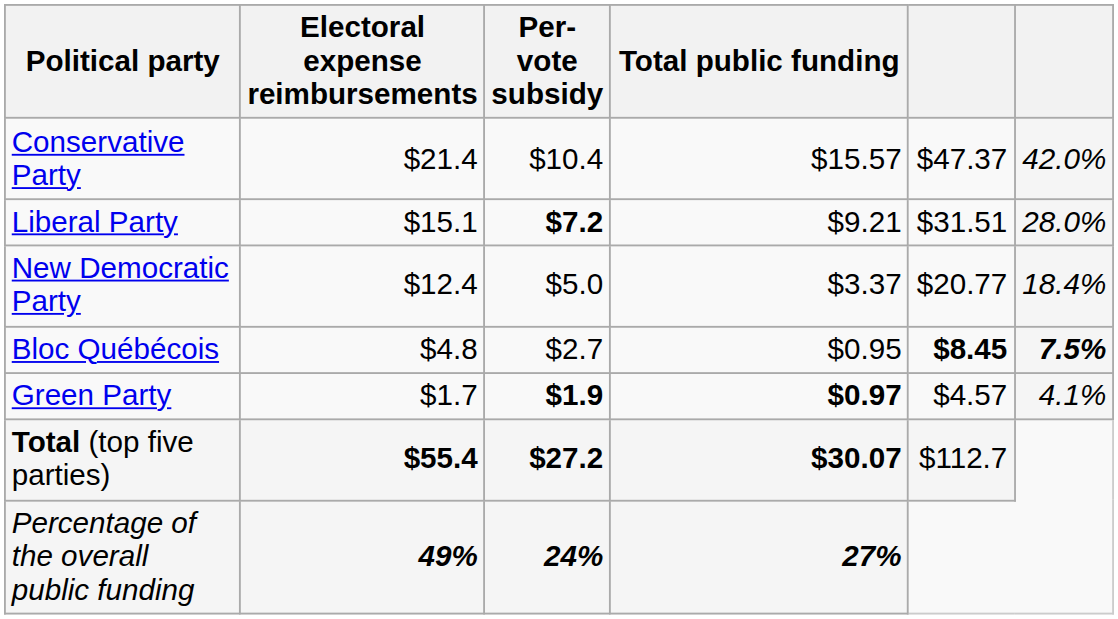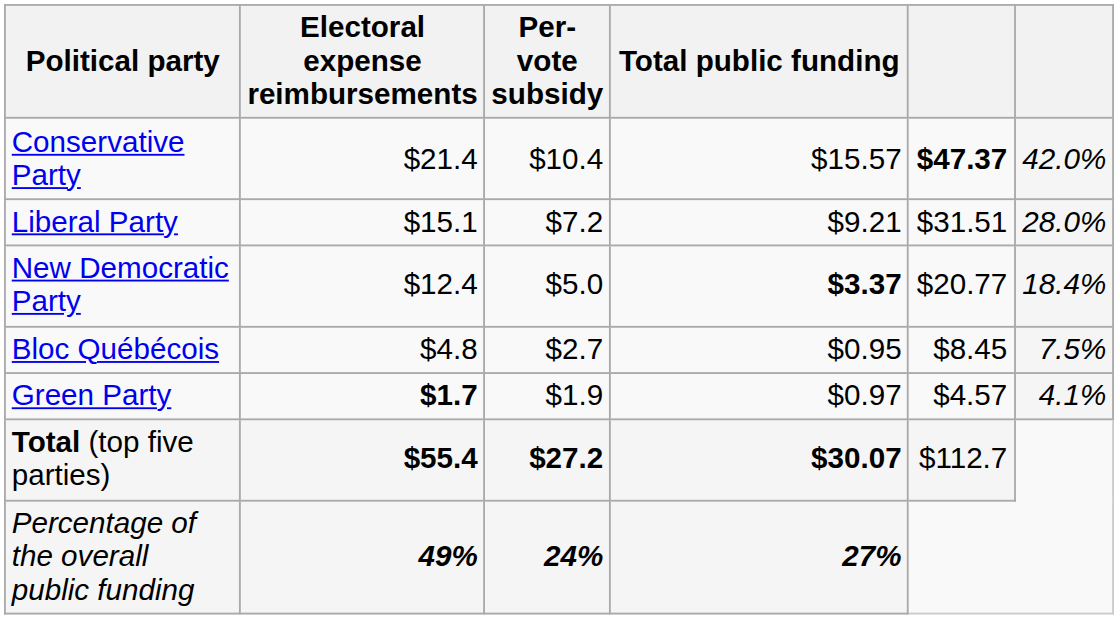 <table class="wikitable" width="600px" cellpadding="6" bgcolor="#cccccc" style="border:1px solid #cccccc; text-align: right">
 <tr style="text-align:center">
 <th width="120px">Political party</th>
 <th width="10%">Electoral expense reimbursements</th>
 <th width="10%">Per-vote subsidy</th>
 <th>Total public funding</th>
 <th></th>
 <th></th>
 </tr>
 <tr>
 <td align="left"><a href='#'>Conservative Party</a></td>
 <td>$21.4</td>
 <td>$10.4</td>
 <td>$15.57</td>
-<td>$47.37</td>
+<td><strong>$47.37</strong></td>
 <td style="background:#f5f5f5;"><em>42.0%</em></td>
 </tr>
 <tr>
 <td align="left"><a href='#'>Liberal Party</a></td>
 <td>$15.1</td>
-<td><strong>$7.2</strong></td>
+<td>$7.2</td>
 <td>$9.21</td>
 <td>$31.51</td>
 <td style="background:#f5f5f5;"><em>28.0%</em></td>
 </tr>
 <tr>
 <td align="left"><a href='#'>New Democratic Party</a></td>
 <td>$12.4</td>
 <td>$5.0</td>
-<td>$3.37</td>
+<td><strong>$3.37</strong></td>
 <td>$20.77</td>
 <td style="background:#f5f5f5;"><em>18.4%</em></td>
 </tr>
 <tr>
 <td align="left"><a href='#'>Bloc Québécois</a></td>
 <td>$4.8</td>
 <td>$2.7</td>
 <td>$0.95</td>
-<td><strong>$8.45</strong></td>
-<td style="background:#f5f5f5;"><strong><em>7.5%</em></strong></td>
+<td>$8.45</td>
+<td style="background:#f5f5f5;"><em>7.5%</em></td>
 </tr>
 <tr>
 <td align="left"><a href='#'>Green Party</a></td>
-<td>$1.7</td>
-<td><strong>$1.9</strong></td>
-<td><strong>$0.97</strong></td>
+<td><strong>$1.7</strong></td>
+<td>$1.9</td>
+<td>$0.97</td>
 <td>$4.57</td>
 <td style="background:#f5f5f5;"><em>4.1%</em></td>
 </tr>
 <tr style="background:#f5f5f5;">
 <td style="text-align:left"><strong>Total</strong> (top five parties)</td>
 <td><strong>$55.4</strong></td>
 <td><strong>$27.2</strong></td>
 <td><strong>$30.07</strong></td>
 <td>$112.7</td>
 </tr>
 <tr style="background:#f5f5f5;">
 <td style="text-align:left"><em>Percentage of the overall public funding</em></td>
 <td><strong><em>49%</em></strong></td>
 <td><strong><em>24%</em></strong></td>
 <td><strong><em>27%</em></strong></td>
 </tr>
 </table>
